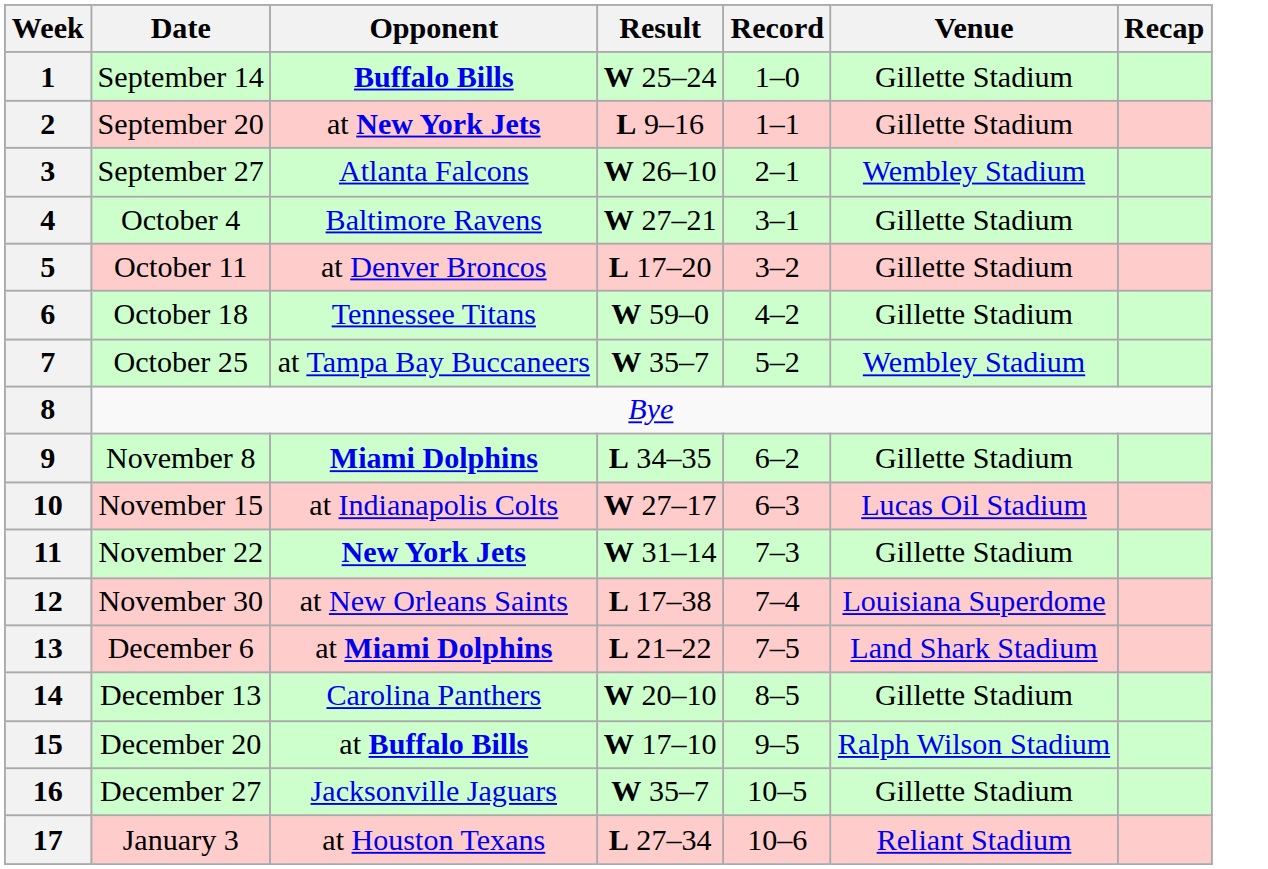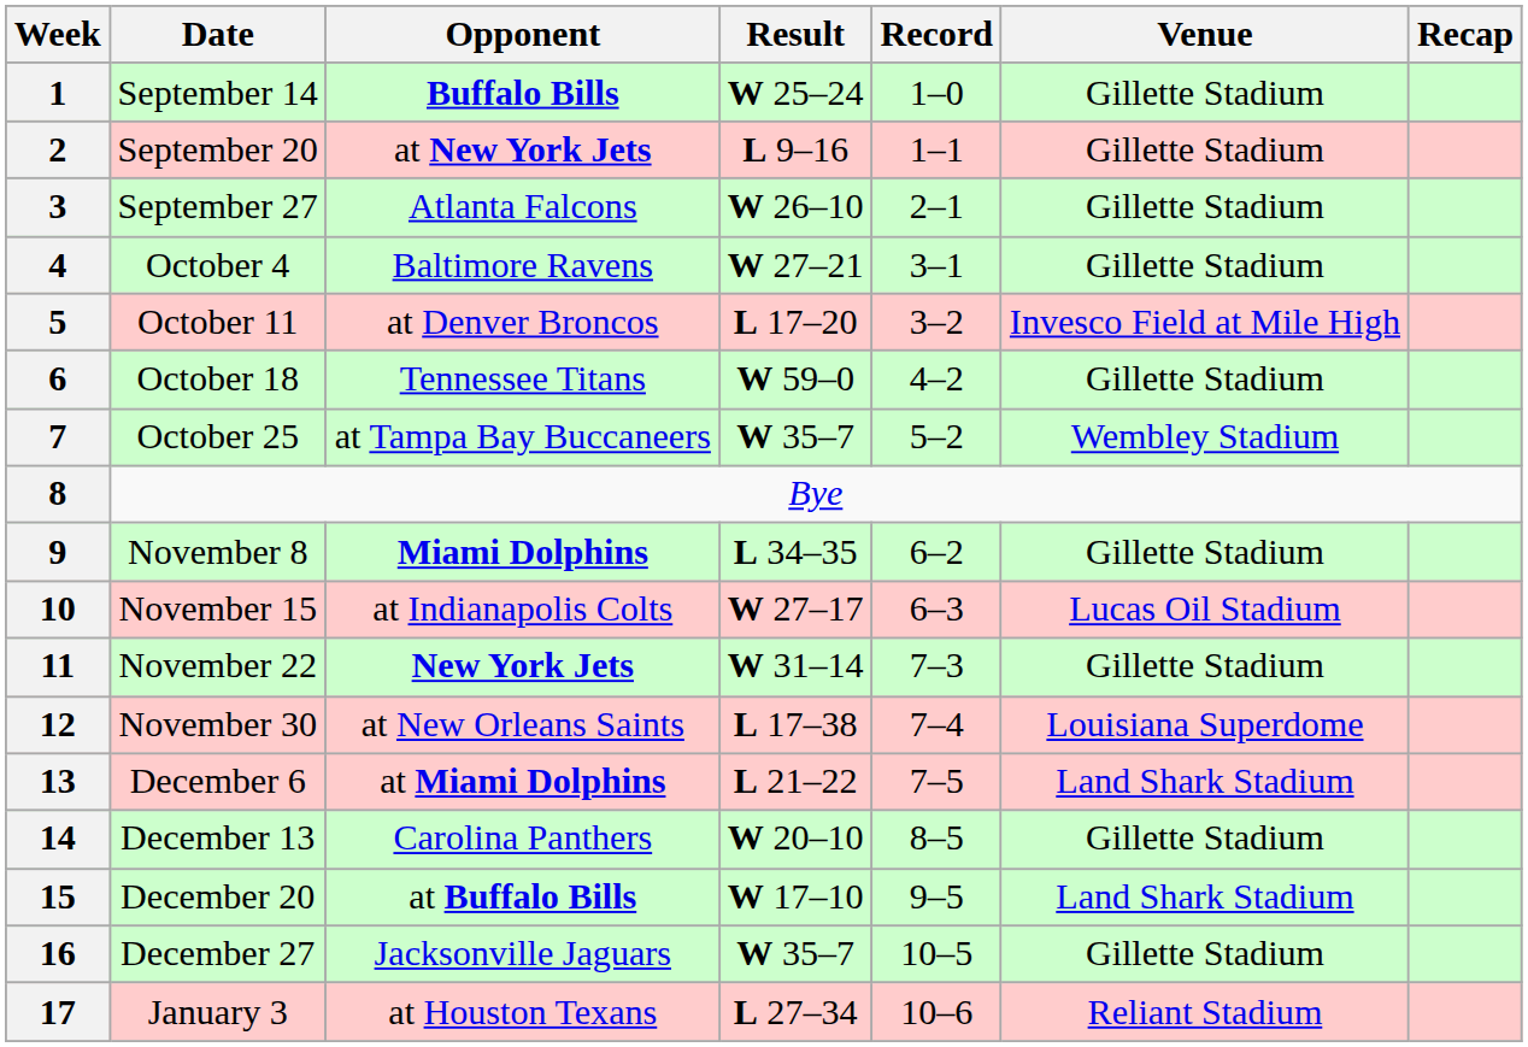 <table class="wikitable" style="text-align:center">
 <tr>
 <th>Week</th>
 <th>Date</th>
 <th>Opponent</th>
 <th>Result</th>
 <th>Record</th>
 <th>Venue</th>
 <th>Recap</th>
 </tr>
 <tr style="background:#cfc;">
 <th>1</th>
 <td>September 14</td>
 <td><strong><a href='#'>Buffalo Bills</a></strong></td>
 <td><strong>W</strong> 25–24</td>
 <td style="text-align:center;">1–0</td>
 <td>Gillette Stadium</td>
 <td></td>
 </tr>
 <tr style="background:#fcc;">
 <th>2</th>
 <td>September 20</td>
 <td>at <strong><a href='#'>New York Jets</a></strong></td>
 <td><strong>L</strong> 9–16</td>
 <td style="text-align:center;">1–1</td>
 <td>Gillette Stadium</td>
 <td></td>
 </tr>
 <tr style="background:#cfc;">
 <th>3</th>
 <td>September 27</td>
 <td><a href='#'>Atlanta Falcons</a></td>
 <td><strong>W</strong> 26–10</td>
 <td style="text-align:center;">2–1</td>
-<td> <a href='#'>Wembley Stadium</a> </td>
+<td>Gillette Stadium</td>
 <td></td>
 </tr>
 <tr style="background:#cfc;">
 <th>4</th>
 <td>October 4</td>
 <td><a href='#'>Baltimore Ravens</a></td>
 <td><strong>W</strong> 27–21</td>
 <td style="text-align:center;">3–1</td>
 <td>Gillette Stadium</td>
 <td></td>
 </tr>
 <tr style="background:#fcc;">
 <th>5</th>
 <td>October 11</td>
 <td>at <a href='#'>Denver Broncos</a></td>
 <td><strong>L</strong> 17–20 </td>
 <td style="text-align:center;">3–2</td>
-<td>Gillette Stadium</td>
+<td><a href='#'>Invesco Field at Mile High</a></td>
 <td></td>
 </tr>
 <tr style="background:#cfc;">
 <th>6</th>
 <td>October 18</td>
 <td><a href='#'>Tennessee Titans</a></td>
 <td><strong>W</strong> 59–0</td>
 <td style="text-align:center;">4–2</td>
 <td>Gillette Stadium</td>
 <td></td>
 </tr>
 <tr style="background:#cfc;">
 <th>7</th>
 <td>October 25</td>
 <td>at <a href='#'>Tampa Bay Buccaneers</a></td>
 <td><strong>W</strong> 35–7</td>
 <td style="text-align:center;">5–2</td>
 <td> <a href='#'>Wembley Stadium</a> </td>
 <td></td>
 </tr>
 <tr style="text-align:center;">
 <th>8</th>
 <td colspan="8" style="text-align:center;"><em><a href='#'>Bye</a></em></td>
 </tr>
 <tr style="background:#cfc;">
 <th>9</th>
 <td>November 8</td>
 <td><strong><a href='#'>Miami Dolphins</a></strong></td>
 <td><strong>L</strong> 34–35</td>
 <td style="text-align:center;">6–2</td>
 <td>Gillette Stadium</td>
 <td></td>
 </tr>
 <tr style="background:#fcc;">
 <th>10</th>
 <td>November 15</td>
 <td>at <a href='#'>Indianapolis Colts</a></td>
 <td><strong>W</strong> 27–17</td>
 <td style="text-align:center;">6–3</td>
 <td><a href='#'>Lucas Oil Stadium</a></td>
 <td></td>
 </tr>
 <tr style="background:#cfc;">
 <th>11</th>
 <td>November 22</td>
 <td><strong><a href='#'>New York Jets</a></strong></td>
 <td><strong>W</strong> 31–14</td>
 <td style="text-align:center;">7–3</td>
 <td>Gillette Stadium</td>
 <td></td>
 </tr>
 <tr style="background:#fcc;">
 <th>12</th>
 <td>November 30</td>
 <td>at <a href='#'>New Orleans Saints</a></td>
 <td><strong>L</strong> 17–38</td>
 <td style="text-align:center;">7–4</td>
 <td><a href='#'>Louisiana Superdome</a></td>
 <td></td>
 </tr>
 <tr style="background:#fcc;">
 <th>13</th>
 <td>December 6</td>
 <td>at <strong><a href='#'>Miami Dolphins</a></strong></td>
 <td><strong>L</strong> 21–22</td>
 <td style="text-align:center;">7–5</td>
 <td><a href='#'>Land Shark Stadium</a></td>
 <td></td>
 </tr>
 <tr style="background:#cfc;">
 <th>14</th>
 <td>December 13</td>
 <td><a href='#'>Carolina Panthers</a></td>
 <td><strong>W</strong> 20–10</td>
 <td style="text-align:center;">8–5</td>
 <td>Gillette Stadium</td>
 <td></td>
 </tr>
 <tr style="background:#cfc;">
 <th>15</th>
 <td>December 20</td>
 <td>at <strong><a href='#'>Buffalo Bills</a></strong></td>
 <td><strong>W</strong> 17–10</td>
 <td style="text-align:center;">9–5</td>
-<td><a href='#'>Ralph Wilson Stadium</a></td>
+<td><a href='#'>Land Shark Stadium</a></td>
 <td></td>
 </tr>
 <tr style="background:#cfc;">
 <th>16</th>
 <td>December 27</td>
 <td><a href='#'>Jacksonville Jaguars</a></td>
 <td><strong>W</strong> 35–7</td>
 <td style="text-align:center;">10–5</td>
 <td>Gillette Stadium</td>
 <td></td>
 </tr>
 <tr style="background:#fcc;">
 <th>17</th>
 <td>January 3</td>
 <td>at <a href='#'>Houston Texans</a></td>
 <td><strong>L</strong> 27–34</td>
 <td style="text-align:center;">10–6</td>
 <td><a href='#'>Reliant Stadium</a></td>
 <td></td>
 </tr>
 </table>
